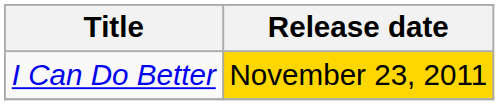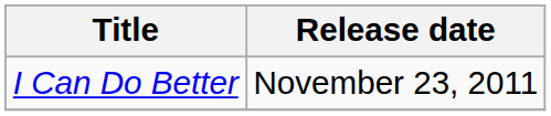 <table class="wikitable">
 <tr>
 <th>Title</th>
 <th>Release date</th>
 </tr>
 <tr>
 <td><a href='#'><em>I Can Do Better</em></a></td>
-<td style="background: gold;">November 23, 2011</td>
+<td>November 23, 2011</td>
 </tr>
 <tr>
 </tr>
 </table>
